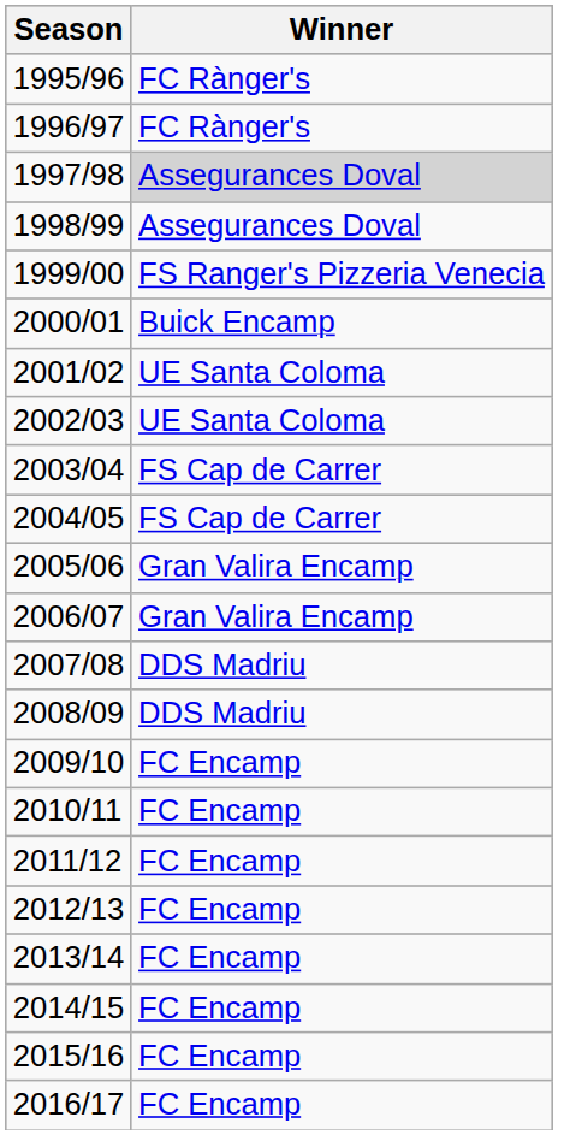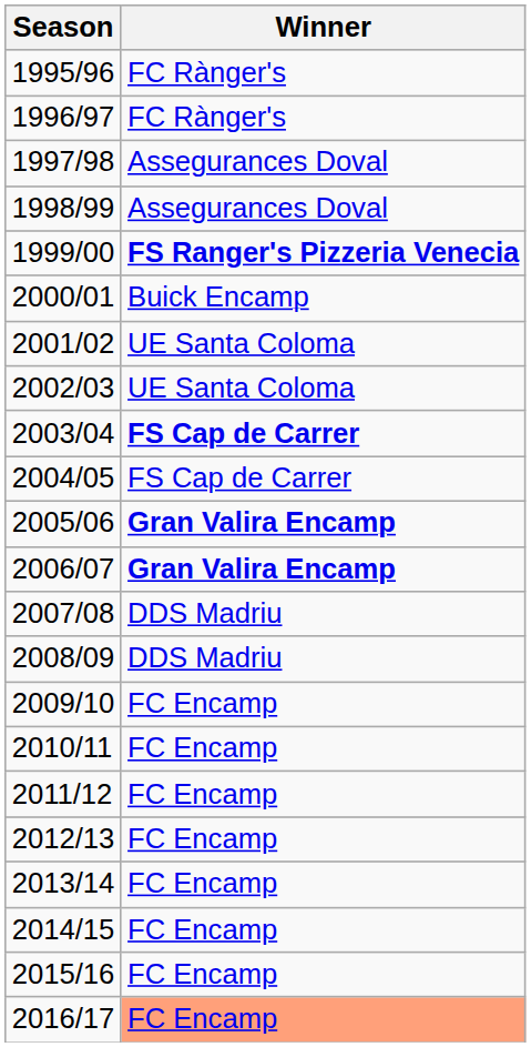 <table class="wikitable sortable">
 <tr>
 <th>Season</th>
 <th>Winner</th>
 </tr>
 <tr>
 <td>1995/96</td>
 <td><a href='#'>FC Rànger's</a></td>
 </tr>
 <tr>
 <td>1996/97</td>
 <td><a href='#'>FC Rànger's</a></td>
 </tr>
 <tr>
 <td>1997/98</td>
-<td style="background: lightgrey;"><a href='#'>Assegurances Doval</a></td>
+<td><a href='#'>Assegurances Doval</a></td>
 </tr>
 <tr>
 <td>1998/99</td>
 <td><a href='#'>Assegurances Doval</a></td>
 </tr>
 <tr>
 <td>1999/00</td>
-<td><a href='#'>FS Ranger's Pizzeria Venecia</a></td>
+<td><strong><a href='#'>FS Ranger's Pizzeria Venecia</a></strong></td>
 </tr>
 <tr>
 <td>2000/01</td>
 <td><a href='#'>Buick Encamp</a></td>
 </tr>
 <tr>
 <td>2001/02</td>
 <td><a href='#'>UE Santa Coloma</a></td>
 </tr>
 <tr>
 <td>2002/03</td>
 <td><a href='#'>UE Santa Coloma</a></td>
 </tr>
 <tr>
 <td>2003/04</td>
-<td><a href='#'>FS Cap de Carrer</a></td>
+<td><strong><a href='#'>FS Cap de Carrer</a></strong></td>
 </tr>
 <tr>
 <td>2004/05</td>
 <td><a href='#'>FS Cap de Carrer</a></td>
 </tr>
 <tr>
 <td>2005/06</td>
-<td><a href='#'>Gran Valira Encamp</a></td>
+<td><strong><a href='#'>Gran Valira Encamp</a></strong></td>
 </tr>
 <tr>
 <td>2006/07</td>
-<td><a href='#'>Gran Valira Encamp</a></td>
+<td><strong><a href='#'>Gran Valira Encamp</a></strong></td>
 </tr>
 <tr>
 <td>2007/08</td>
 <td><a href='#'>DDS Madriu</a></td>
 </tr>
 <tr>
 <td>2008/09</td>
 <td><a href='#'>DDS Madriu</a></td>
 </tr>
 <tr>
 <td>2009/10</td>
 <td><a href='#'>FC Encamp</a></td>
 </tr>
 <tr>
 <td>2010/11</td>
 <td><a href='#'>FC Encamp</a></td>
 </tr>
 <tr>
 <td>2011/12</td>
 <td><a href='#'>FC Encamp</a></td>
 </tr>
 <tr>
 <td>2012/13</td>
 <td><a href='#'>FC Encamp</a></td>
 </tr>
 <tr>
 <td>2013/14</td>
 <td><a href='#'>FC Encamp</a></td>
 </tr>
 <tr>
 <td>2014/15</td>
 <td><a href='#'>FC Encamp</a></td>
 </tr>
 <tr>
 <td>2015/16</td>
 <td><a href='#'>FC Encamp</a></td>
 </tr>
 <tr>
 <td>2016/17</td>
-<td><a href='#'>FC Encamp</a></td>
+<td style="background: lightsalmon;"><a href='#'>FC Encamp</a></td>
 </tr>
 </table>
